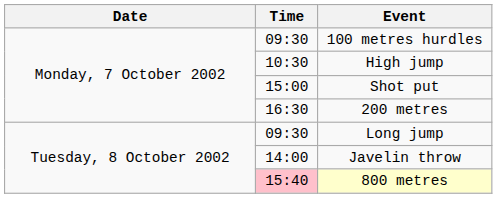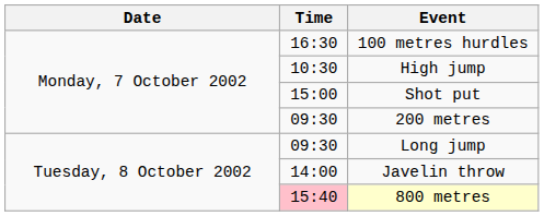 <table class = "wikitable" style="text-align:center;">
 <tr>
 <th width=220>Date</th>
 <th width=50>Time</th>
 <th width=150>Event</th>
 </tr>
 <tr>
 <td rowspan=4>Monday, 7 October 2002</td>
-<td>09:30</td>
+<td>16:30</td>
 <td>100 metres hurdles</td>
 </tr>
 <tr>
 <td>10:30</td>
 <td>High jump</td>
 </tr>
 <tr>
 <td>15:00</td>
 <td>Shot put</td>
 </tr>
 <tr>
-<td>16:30</td>
+<td>09:30</td>
 <td>200 metres</td>
 </tr>
 <tr>
 <td rowspan=3>Tuesday, 8 October 2002</td>
 <td>09:30</td>
 <td>Long jump</td>
 </tr>
 <tr>
 <td>14:00</td>
 <td>Javelin throw</td>
 </tr>
 <tr>
 <td style="background: pink;">15:40</td>
 <td bgcolor=ffffcc>800 metres</td>
 </tr>
 </table>
